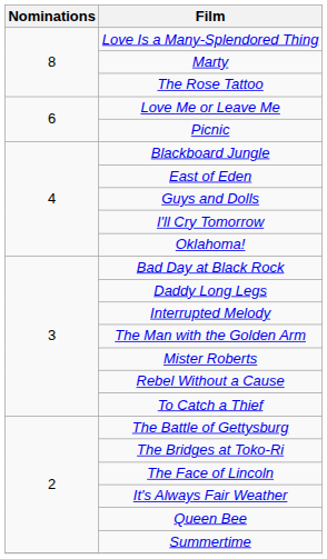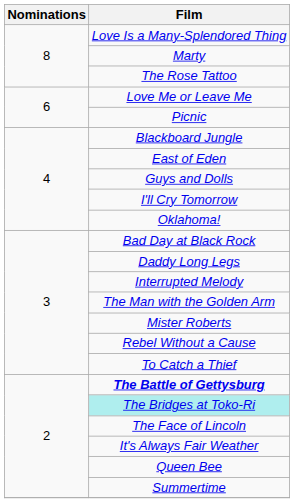 <table class="wikitable" rowspan="2" style="text-align:center;">
 <tr>
 <th scope="col" style="width:55px;">Nominations</th>
 <th scope="col" style="text-align:center;">Film</th>
 </tr>
 <tr>
 <td rowspan="3" style="text-align:center">8</td>
 <td><em><a href='#'>Love Is a Many-Splendored Thing</a></em></td>
 </tr>
 <tr>
 <td><em><a href='#'>Marty</a></em></td>
 </tr>
 <tr>
 <td><em><a href='#'>The Rose Tattoo</a></em></td>
 </tr>
 <tr>
 <td rowspan="2" style="text-align:center">6</td>
 <td><em><a href='#'>Love Me or Leave Me</a></em></td>
 </tr>
 <tr>
 <td><em><a href='#'>Picnic</a></em></td>
 </tr>
 <tr>
 <td rowspan="5" style="text-align:center">4</td>
 <td><em><a href='#'>Blackboard Jungle</a></em></td>
 </tr>
 <tr>
 <td><em><a href='#'>East of Eden</a></em></td>
 </tr>
 <tr>
 <td><em><a href='#'>Guys and Dolls</a></em></td>
 </tr>
 <tr>
 <td><em><a href='#'>I'll Cry Tomorrow</a></em></td>
 </tr>
 <tr>
 <td><em><a href='#'>Oklahoma!</a></em></td>
 </tr>
 <tr>
 <td rowspan="7" style="text-align:center">3</td>
 <td><em><a href='#'>Bad Day at Black Rock</a></em></td>
 </tr>
 <tr>
 <td><em><a href='#'>Daddy Long Legs</a></em></td>
 </tr>
 <tr>
 <td><em><a href='#'>Interrupted Melody</a></em></td>
 </tr>
 <tr>
 <td><em><a href='#'>The Man with the Golden Arm</a></em></td>
 </tr>
 <tr>
 <td><em><a href='#'>Mister Roberts</a></em></td>
 </tr>
 <tr>
 <td><em><a href='#'>Rebel Without a Cause</a></em></td>
 </tr>
 <tr>
 <td><em><a href='#'>To Catch a Thief</a></em></td>
 </tr>
 <tr>
 <td rowspan="6" style="text-align:center">2</td>
-<td><em><a href='#'>The Battle of Gettysburg</a></em></td>
+<td><strong><em><a href='#'>The Battle of Gettysburg</a></em></strong></td>
 </tr>
 <tr>
-<td><em><a href='#'>The Bridges at Toko-Ri</a></em></td>
+<td style="background: paleturquoise;"><em><a href='#'>The Bridges at Toko-Ri</a></em></td>
 </tr>
 <tr>
 <td><em><a href='#'>The Face of Lincoln</a></em></td>
 </tr>
 <tr>
 <td><em><a href='#'>It's Always Fair Weather</a></em></td>
 </tr>
 <tr>
 <td><em><a href='#'>Queen Bee</a></em></td>
 </tr>
 <tr>
 <td><em><a href='#'>Summertime</a></em></td>
 </tr>
 <tr>
 </tr>
 </table>
